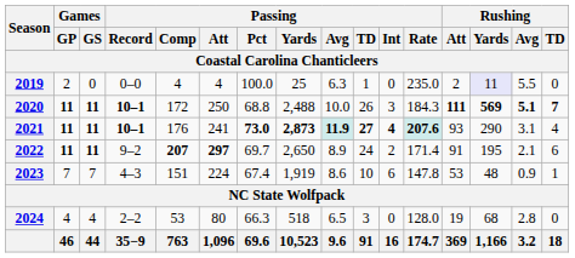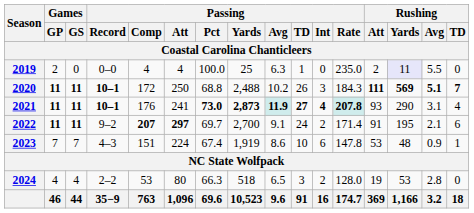 <table class="wikitable" style="text-align:center;">
 <tr>
 <th rowspan="2">Season</th>
 <th colspan="2">Games</th>
 <th colspan="9">Passing</th>
 <th colspan="4">Rushing</th>
 </tr>
 <tr>
 <th>GP</th>
 <th>GS</th>
 <th>Record</th>
 <th>Comp</th>
 <th>Att</th>
 <th>Pct</th>
 <th>Yards</th>
 <th>Avg</th>
 <th>TD</th>
 <th>Int</th>
 <th>Rate</th>
 <th>Att</th>
 <th>Yards</th>
 <th>Avg</th>
 <th>TD</th>
 </tr>
 <tr>
 <th colspan="16">Coastal Carolina Chanticleers</th>
 </tr>
 <tr>
 <th><a href='#'>2019</a></th>
 <td>2</td>
 <td>0</td>
 <td>0–0</td>
 <td>4</td>
 <td>4</td>
 <td>100.0</td>
 <td>25</td>
 <td>6.3</td>
 <td>1</td>
 <td>0</td>
 <td>235.0</td>
 <td>2</td>
 <td style="background: lavender;">11</td>
 <td>5.5</td>
 <td>0</td>
 </tr>
 <tr>
 <th><a href='#'>2020</a></th>
 <td><strong>11</strong></td>
 <td><strong>11</strong></td>
 <td><strong>10–1</strong></td>
 <td>172</td>
 <td>250</td>
 <td>68.8</td>
 <td>2,488</td>
-<td>10.0</td>
+<td>10.2</td>
 <td>26</td>
 <td>3</td>
 <td>184.3</td>
 <td><strong>111</strong></td>
 <td><strong>569</strong></td>
 <td><strong>5.1</strong></td>
 <td><strong>7</strong></td>
 </tr>
 <tr>
 <th><a href='#'>2021</a></th>
 <td><strong>11</strong></td>
 <td><strong>11</strong></td>
 <td><strong>10–1</strong></td>
 <td>176</td>
 <td>241</td>
 <td><strong>73.0</strong></td>
 <td><strong>2,873</strong></td>
 <td style="background:#cfecec;"><strong>11.9</strong></td>
 <td><strong>27</strong></td>
 <td><strong>4</strong></td>
-<td style="background:#cfecec;"><strong>207.6</strong></td>
+<td style="background:#cfecec;"><strong>207.8</strong></td>
 <td>93</td>
 <td>290</td>
 <td>3.1</td>
 <td>4</td>
 </tr>
 <tr>
 <th><a href='#'>2022</a></th>
 <td><strong>11</strong></td>
 <td><strong>11</strong></td>
 <td>9–2</td>
 <td><strong>207</strong></td>
 <td><strong>297</strong></td>
 <td>69.7</td>
-<td>2,650</td>
-<td>8.9</td>
+<td>2,700</td>
+<td>9.1</td>
 <td>24</td>
 <td>2</td>
 <td>171.4</td>
 <td>91</td>
 <td>195</td>
 <td>2.1</td>
 <td>6</td>
 </tr>
 <tr>
 <th><a href='#'>2023</a></th>
 <td>7</td>
 <td>7</td>
 <td>4–3</td>
 <td>151</td>
 <td>224</td>
 <td>67.4</td>
 <td>1,919</td>
 <td>8.6</td>
 <td>10</td>
 <td>6</td>
 <td>147.8</td>
 <td>53</td>
 <td>48</td>
 <td>0.9</td>
 <td>1</td>
 </tr>
 <tr>
 <th colspan="16">NC State Wolfpack</th>
 </tr>
 <tr>
 <th><a href='#'>2024</a></th>
 <td>4</td>
 <td>4</td>
 <td>2–2</td>
 <td>53</td>
 <td>80</td>
 <td>66.3</td>
 <td>518</td>
 <td>6.5</td>
 <td>3</td>
-<td>0</td>
+<td>2</td>
 <td>128.0</td>
 <td>19</td>
-<td>68</td>
+<td>53</td>
 <td>2.8</td>
 <td>0</td>
 </tr>
 <tr>
 <th></th>
 <th>46</th>
 <th>44</th>
 <th>35−9</th>
 <th>763</th>
 <th>1,096</th>
 <th>69.6</th>
 <th>10,523</th>
 <th>9.6</th>
 <th>91</th>
 <th>16</th>
 <th>174.7</th>
 <th>369</th>
 <th>1,166</th>
 <th>3.2</th>
 <th>18</th>
 </tr>
 </table>
